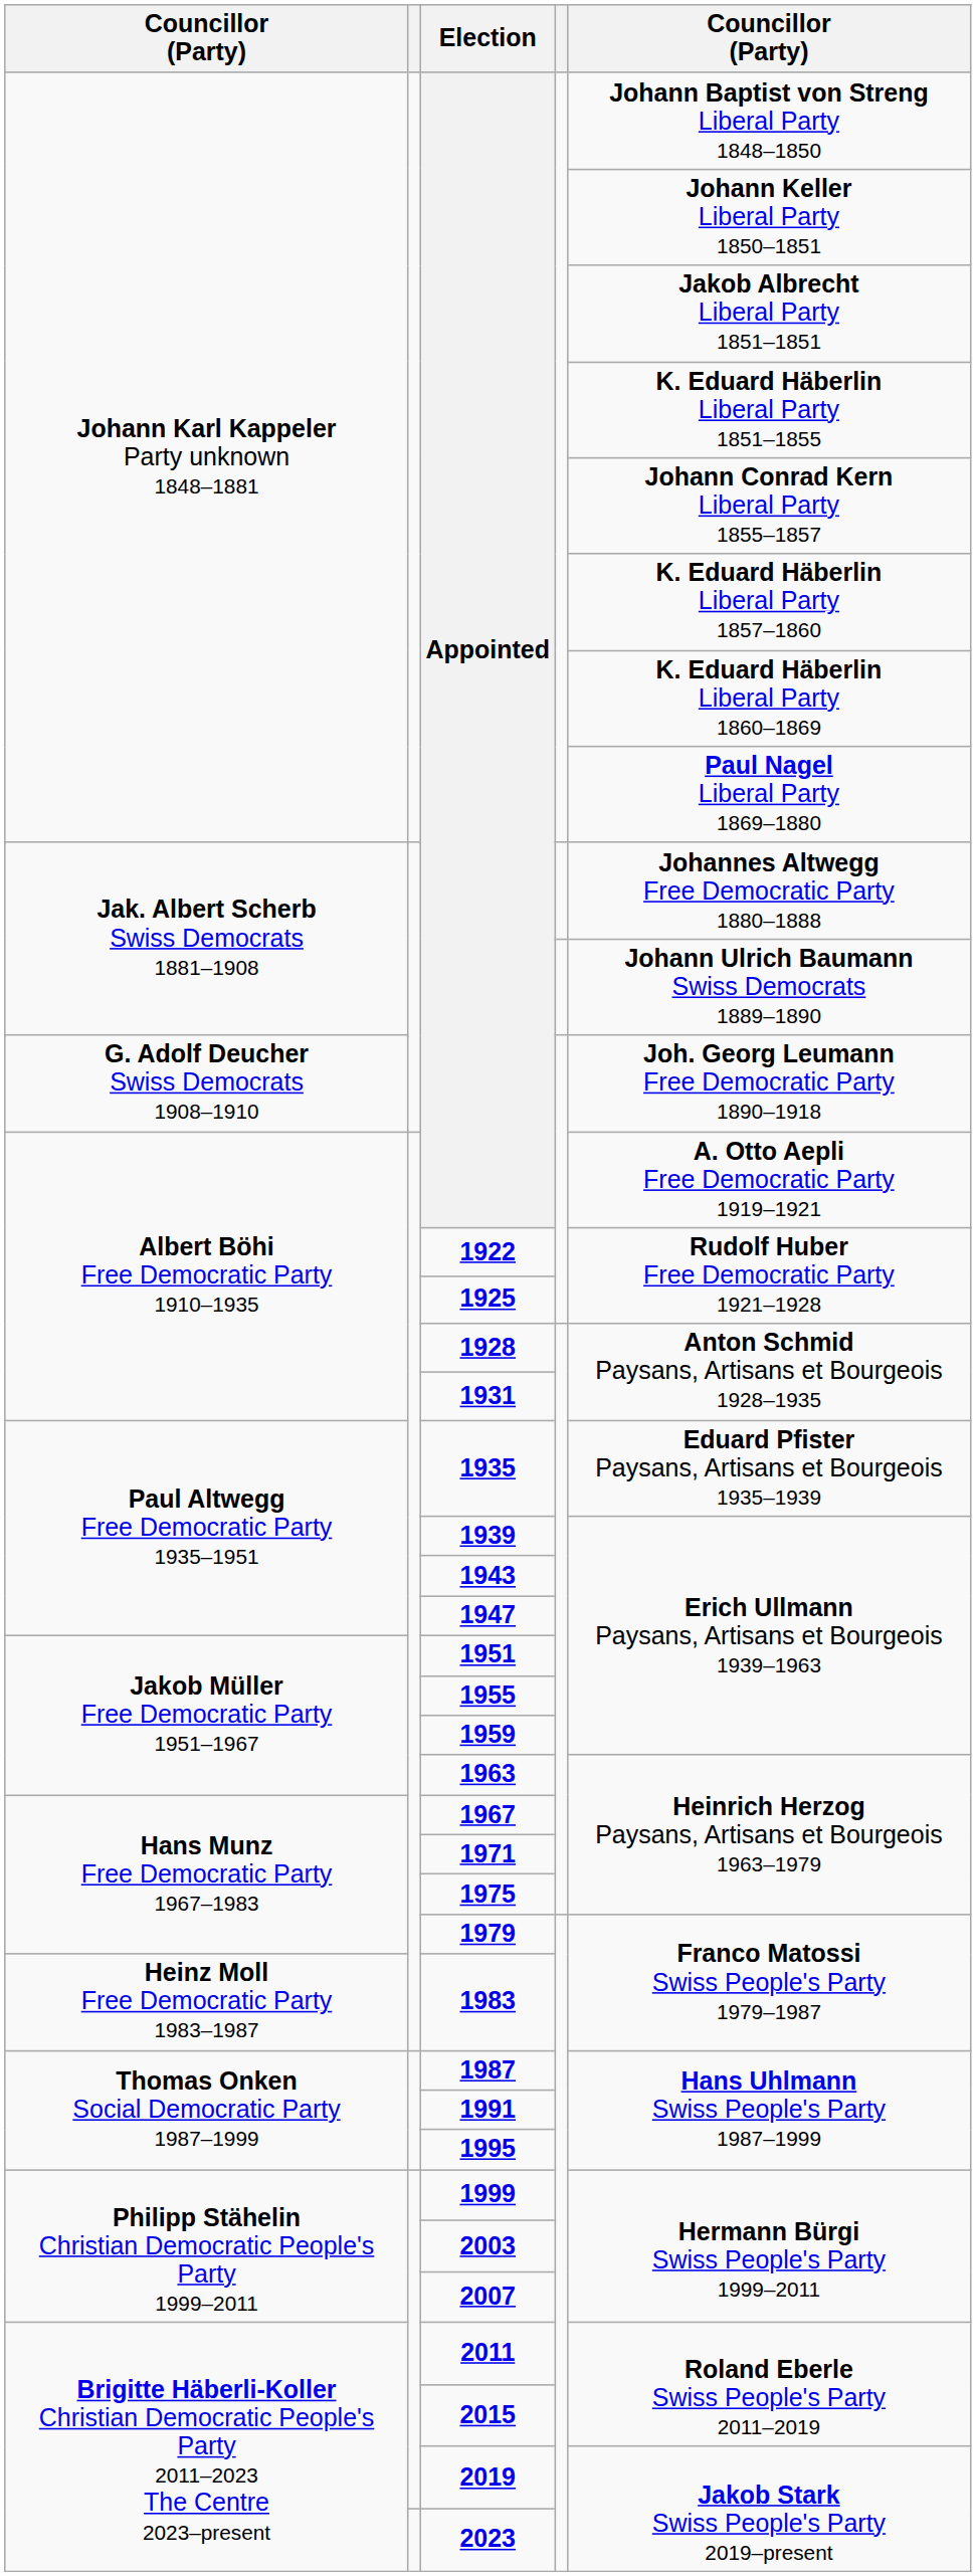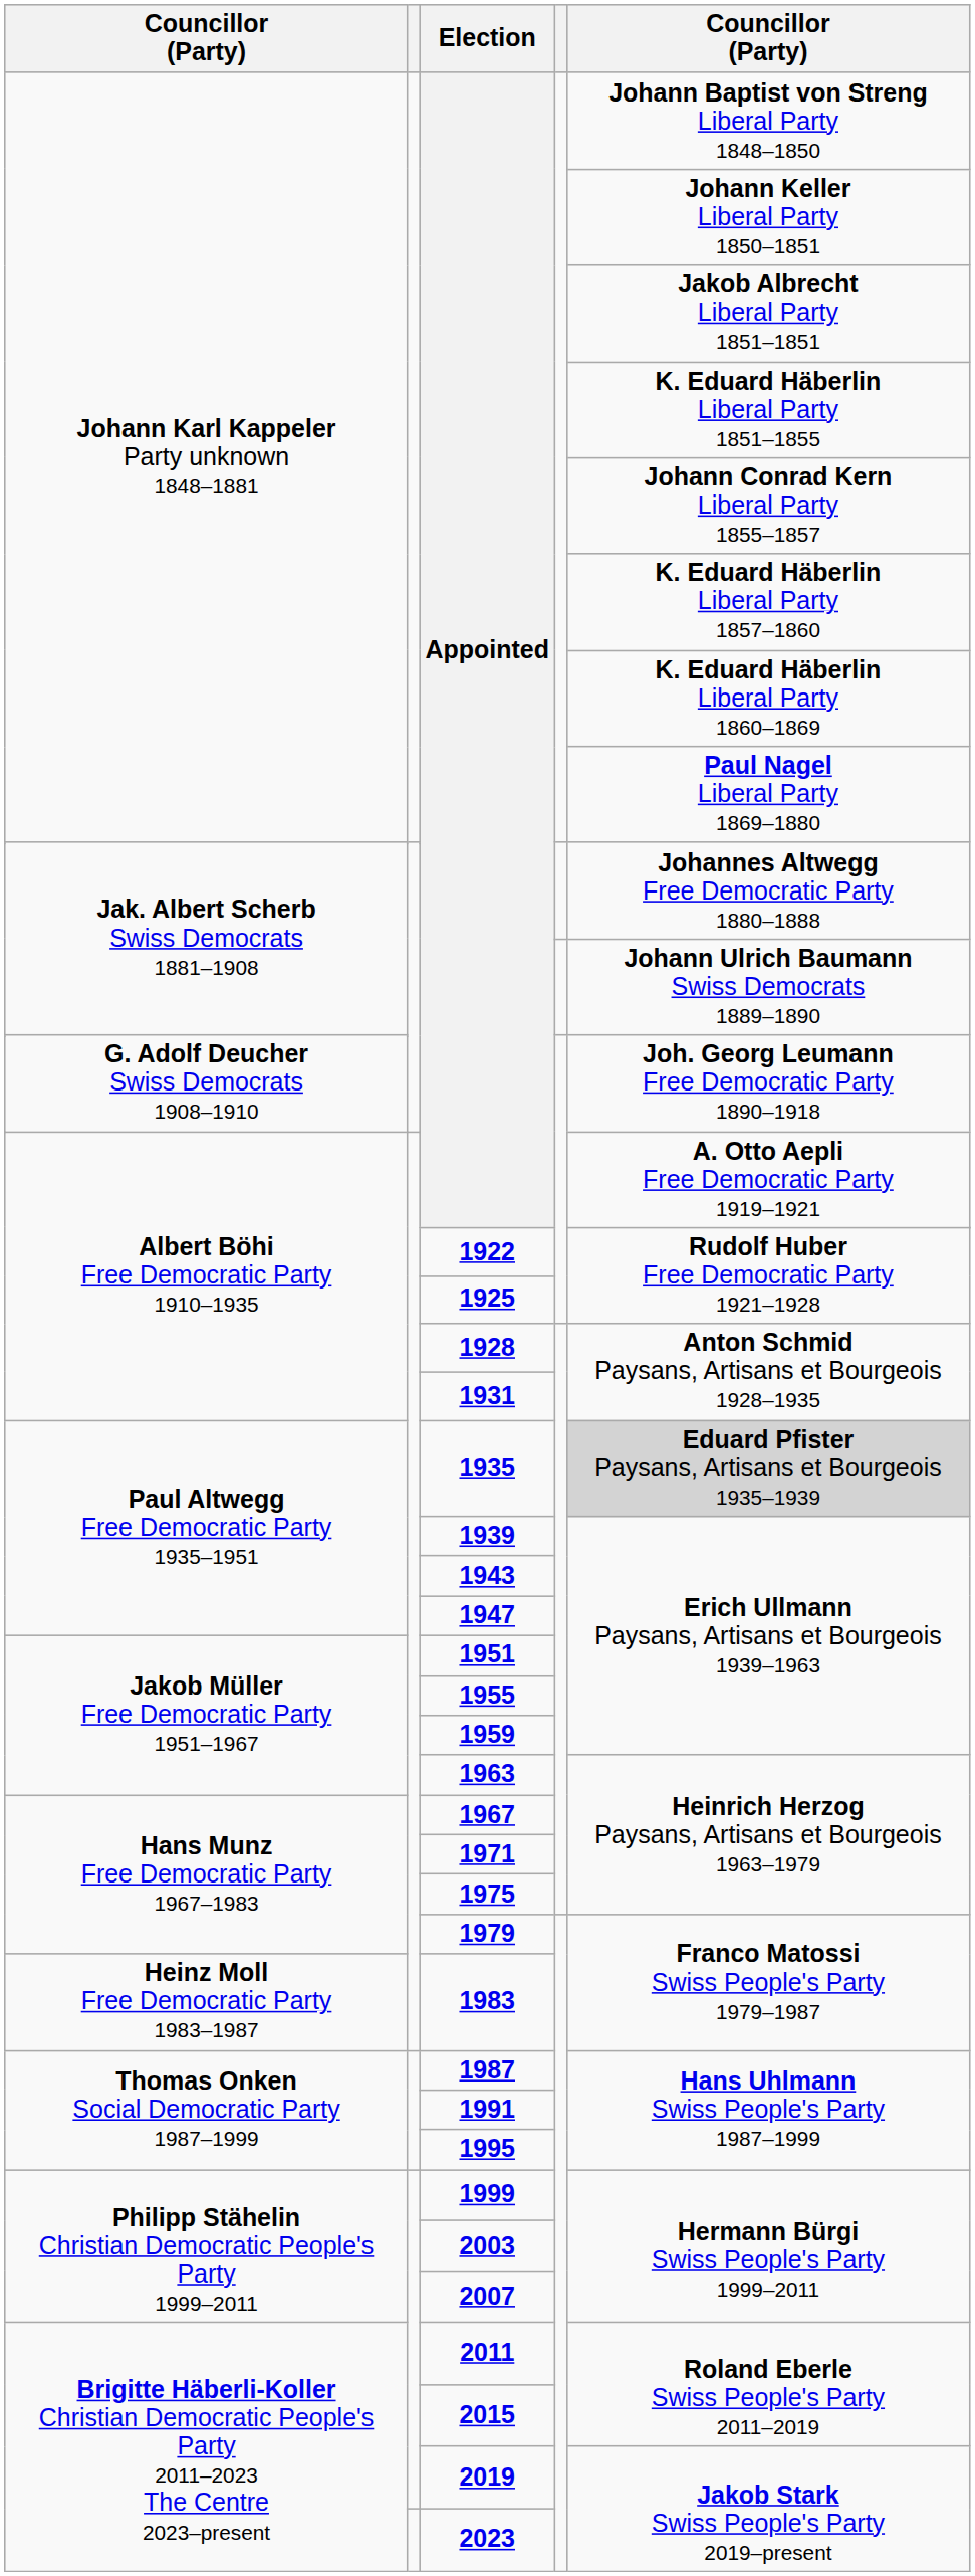 <table class="wikitable" style="text-align:center">
 <tr>
 <th scope="col" width="250" colspan = "1">Councillor<br> (Party)</th>
 <th></th>
 <th>Election</th>
 <th></th>
 <th scope="col" width="250" colspan = "1">Councillor<br> (Party)</th>
 </tr>
 <tr>
 <td rowspan=9><strong>Johann Karl Kappeler</strong><br>Party unknown<br><small>1848–1881</small></td>
 <td rowspan=9; style="background-color: "></td>
 <th rowspan=16>Appointed</th>
 <td rowspan=8; style="background-color: "></td>
 <td rowspan=1><strong>Johann Baptist von Streng</strong><br><a href='#'>Liberal Party</a><br><small>1848–1850</small></td>
 </tr>
 <tr>
 <td rowspan=1><strong>Johann Keller</strong><br><a href='#'>Liberal Party</a><br><small>1850–1851</small></td>
 </tr>
 <tr>
 <td rowspan=1><strong>Jakob Albrecht</strong><br><a href='#'>Liberal Party</a><br><small>1851–1851</small></td>
 </tr>
 <tr>
 <td rowspan=1><strong>K. Eduard Häberlin</strong><br><a href='#'>Liberal Party</a><br><small>1851–1855</small></td>
 </tr>
 <tr>
 <td rowspan=1><strong>Johann Conrad Kern</strong><br><a href='#'>Liberal Party</a><br><small>1855–1857</small></td>
 </tr>
 <tr>
 <td rowspan=1><strong>K. Eduard Häberlin</strong><br><a href='#'>Liberal Party</a><br><small>1857–1860</small></td>
 </tr>
 <tr>
 <td rowspan=1><strong>K. Eduard Häberlin</strong><br><a href='#'>Liberal Party</a><br><small>1860–1869</small></td>
 </tr>
 <tr>
 <td rowspan=1><strong><a href='#'>Paul Nagel</a></strong><br><a href='#'>Liberal Party</a><br><small>1869–1880</small></td>
 </tr>
 <tr>
 <td rowspan=2; style="background-color: "></td>
 <td rowspan=2><strong>Johannes Altwegg</strong><br><a href='#'>Free Democratic Party</a><br><small>1880–1888</small></td>
 </tr>
 <tr>
 <td rowspan=3><strong>Jak. Albert Scherb</strong><br><a href='#'>Swiss Democrats</a><br><small>1881–1908</small></td>
 <td rowspan=4; style="background-color: "></td>
 </tr>
 <tr>
 <td rowspan=1; style="background-color: "></td>
 <td rowspan=1><strong>Johann Ulrich Baumann</strong><br><a href='#'>Swiss Democrats</a><br><small>1889–1890</small></td>
 </tr>
 <tr>
 <td rowspan=7; style="background-color: "></td>
 <td rowspan=3><strong>Joh. Georg Leumann</strong><br><a href='#'>Free Democratic Party</a><br><small>1890–1918</small></td>
 </tr>
 <tr>
 <td rowspan=1><strong>G. Adolf Deucher</strong><br><a href='#'>Swiss Democrats</a><br><small>1908–1910</small></td>
 </tr>
 <tr>
 <td rowspan=7><strong>Albert Böhi</strong><br><a href='#'>Free Democratic Party</a><br><small>1910–1935</small></td>
 <td rowspan=20; style="background-color: "></td>
 </tr>
 <tr>
 <td rowspan=1><strong>A. Otto Aepli</strong><br><a href='#'>Free Democratic Party</a><br><small>1919–1921</small></td>
 </tr>
 <tr>
 <td rowspan=3><strong>Rudolf Huber</strong><br><a href='#'>Free Democratic Party</a><br><small>1921–1928</small></td>
 </tr>
 <tr>
 <td><strong><a href='#'>1922</a></strong></td>
 </tr>
 <tr>
 <td><strong><a href='#'>1925</a></strong></td>
 </tr>
 <tr>
 <td><strong><a href='#'>1928</a></strong></td>
 <td rowspan=13; style="background-color: "></td>
 <td rowspan=2><strong>Anton Schmid</strong><br>Paysans, Artisans et Bourgeois<br><small>1928–1935</small></td>
 </tr>
 <tr>
 <td><strong><a href='#'>1931</a></strong></td>
 </tr>
 <tr>
 <td rowspan=4><strong>Paul Altwegg</strong><br><a href='#'>Free Democratic Party</a><br><small>1935–1951</small></td>
 <td><strong><a href='#'>1935</a></strong></td>
-<td rowspan=1><strong>Eduard Pfister</strong><br>Paysans, Artisans et Bourgeois<br><small>1935–1939</small></td>
+<td rowspan=1 style="background: lightgrey;"><strong>Eduard Pfister</strong><br>Paysans, Artisans et Bourgeois<br><small>1935–1939</small></td>
 </tr>
 <tr>
 <td><strong><a href='#'>1939</a></strong></td>
 <td rowspan=6><strong>Erich Ullmann</strong><br>Paysans, Artisans et Bourgeois<br><small>1939–1963</small></td>
 </tr>
 <tr>
 <td><strong><a href='#'>1943</a></strong></td>
 </tr>
 <tr>
 <td><strong><a href='#'>1947</a></strong></td>
 </tr>
 <tr>
 <td rowspan=4><strong>Jakob Müller</strong><br><a href='#'>Free Democratic Party</a><br><small>1951–1967</small></td>
 <td><strong><a href='#'>1951</a></strong></td>
 </tr>
 <tr>
 <td><strong><a href='#'>1955</a></strong></td>
 </tr>
 <tr>
 <td><strong><a href='#'>1959</a></strong></td>
 </tr>
 <tr>
 <td><strong><a href='#'>1963</a></strong></td>
 <td rowspan=4><strong>Heinrich Herzog</strong><br>Paysans, Artisans et Bourgeois<br><small>1963–1979</small></td>
 </tr>
 <tr>
 <td rowspan=4><strong>Hans Munz</strong><br><a href='#'>Free Democratic Party</a><br><small>1967–1983</small></td>
 <td><strong><a href='#'>1967</a></strong></td>
 </tr>
 <tr>
 <td><strong><a href='#'>1971</a></strong></td>
 </tr>
 <tr>
 <td><strong><a href='#'>1975</a></strong></td>
 </tr>
 <tr>
 <td><strong><a href='#'>1979</a></strong></td>
 <td rowspan=12; style="background-color: "></td>
 <td rowspan=2><strong>Franco Matossi</strong><br><a href='#'>Swiss People's Party</a><br><small>1979–1987</small></td>
 </tr>
 <tr>
 <td rowspan=1><strong>Heinz Moll</strong><br><a href='#'>Free Democratic Party</a><br><small>1983–1987</small></td>
 <td><strong><a href='#'>1983</a></strong></td>
 </tr>
 <tr>
 <td rowspan=3><strong>Thomas Onken</strong><br><a href='#'>Social Democratic Party</a><br><small>1987–1999</small></td>
 <td rowspan=3; style="background-color: "></td>
 <td><strong><a href='#'>1987</a></strong></td>
 <td rowspan=3><strong><a href='#'>Hans Uhlmann</a></strong><br><a href='#'>Swiss People's Party</a><br><small>1987–1999</small></td>
 </tr>
 <tr>
 <td><strong><a href='#'>1991</a></strong></td>
 </tr>
 <tr>
 <td><strong><a href='#'>1995</a></strong></td>
 </tr>
 <tr>
 <td rowspan=3><br><strong>Philipp Stähelin</strong><br><a href='#'>Christian Democratic People's Party</a><br><small>1999–2011</small></td>
 <td rowspan=6; style="background-color: "></td>
 <td><strong><a href='#'>1999</a></strong></td>
 <td rowspan=3><br><strong>Hermann Bürgi</strong><br><a href='#'>Swiss People's Party</a><br><small>1999–2011</small></td>
 </tr>
 <tr>
 <td><strong><a href='#'>2003</a></strong></td>
 </tr>
 <tr>
 <td><strong><a href='#'>2007</a></strong></td>
 </tr>
 <tr>
 <td rowspan=4><br><strong><a href='#'>Brigitte Häberli-Koller</a></strong><br><a href='#'>Christian Democratic People's Party</a><br><small>2011–2023</small><br><a href='#'>The Centre</a><br><small>2023–present</small></td>
 <td><strong><a href='#'>2011</a></strong></td>
 <td rowspan=2><br><strong>Roland Eberle</strong><br><a href='#'>Swiss People's Party</a><br><small>2011–2019</small></td>
 </tr>
 <tr>
 <td><strong><a href='#'>2015</a></strong></td>
 </tr>
 <tr>
 <td><strong><a href='#'>2019</a></strong></td>
 <td rowspan=2><br><strong><a href='#'>Jakob Stark</a></strong><br><a href='#'>Swiss People's Party</a><br><small>2019–present</small></td>
 </tr>
 <tr>
 <td rowspan=1; style="background-color: "></td>
 <td><strong><a href='#'>2023</a></strong></td>
 </tr>
 </table>
